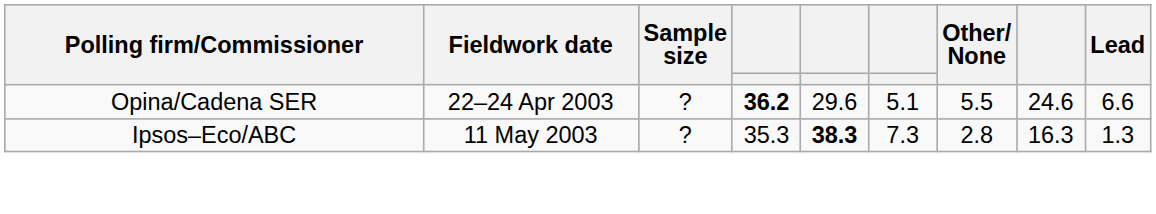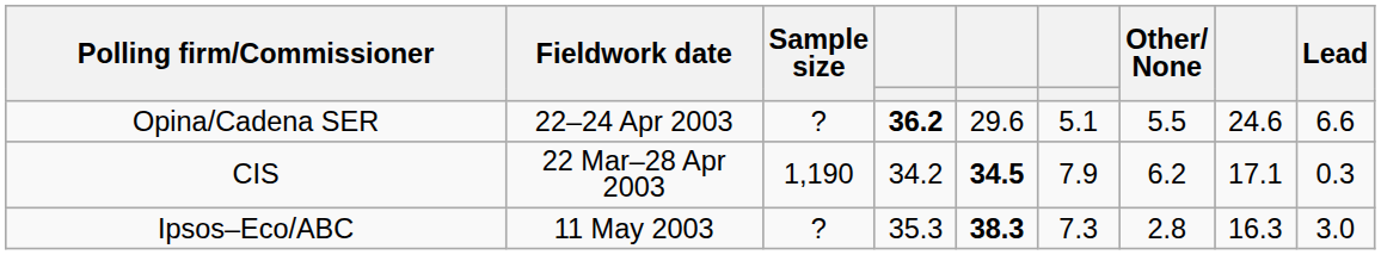 <table class="wikitable collapsible collapsed" style="text-align:center; font-size:90%; line-height:14px;">
 <tr style="height:42px;">
 <th style="width:250px;" rowspan="2">Polling firm/Commissioner</th>
 <th style="width:125px;" rowspan="2">Fieldwork date</th>
 <th style="width:50px;" rowspan="2">Sample size</th>
 <th style="width:35px;"></th>
 <th style="width:35px;"></th>
 <th style="width:35px;"></th>
 <th style="width:35px;" rowspan="2">Other/<br>None</th>
 <th style="width:35px;" rowspan="2"></th>
 <th style="width:30px;" rowspan="2">Lead</th>
 </tr>
 <tr>
 <th style="color:inherit;background:"></th>
 <th style="color:inherit;background:"></th>
 <th style="color:inherit;background:"></th>
 </tr>
 <tr>
 <td>Opina/Cadena SER</td>
 <td>22–24 Apr 2003</td>
 <td>?</td>
 <td><strong>36.2</strong></td>
 <td>29.6</td>
 <td>5.1</td>
 <td>5.5</td>
 <td>24.6</td>
 <td style="background:">6.6</td>
 </tr>
 <tr>
+<td>CIS</td>
+<td>22 Mar–28 Apr 2003</td>
+<td>1,190</td>
+<td>34.2</td>
+<td><strong>34.5</strong></td>
+<td>7.9</td>
+<td>6.2</td>
+<td>17.1</td>
+<td style="background:">0.3</td>
+</tr>
+<tr>
 <td>Ipsos–Eco/ABC</td>
 <td>11 May 2003</td>
 <td>?</td>
 <td>35.3</td>
 <td><strong>38.3</strong></td>
 <td>7.3</td>
 <td>2.8</td>
 <td>16.3</td>
-<td style="background:">1.3</td>
+<td style="background:">3.0</td>
 </tr>
 </table>
